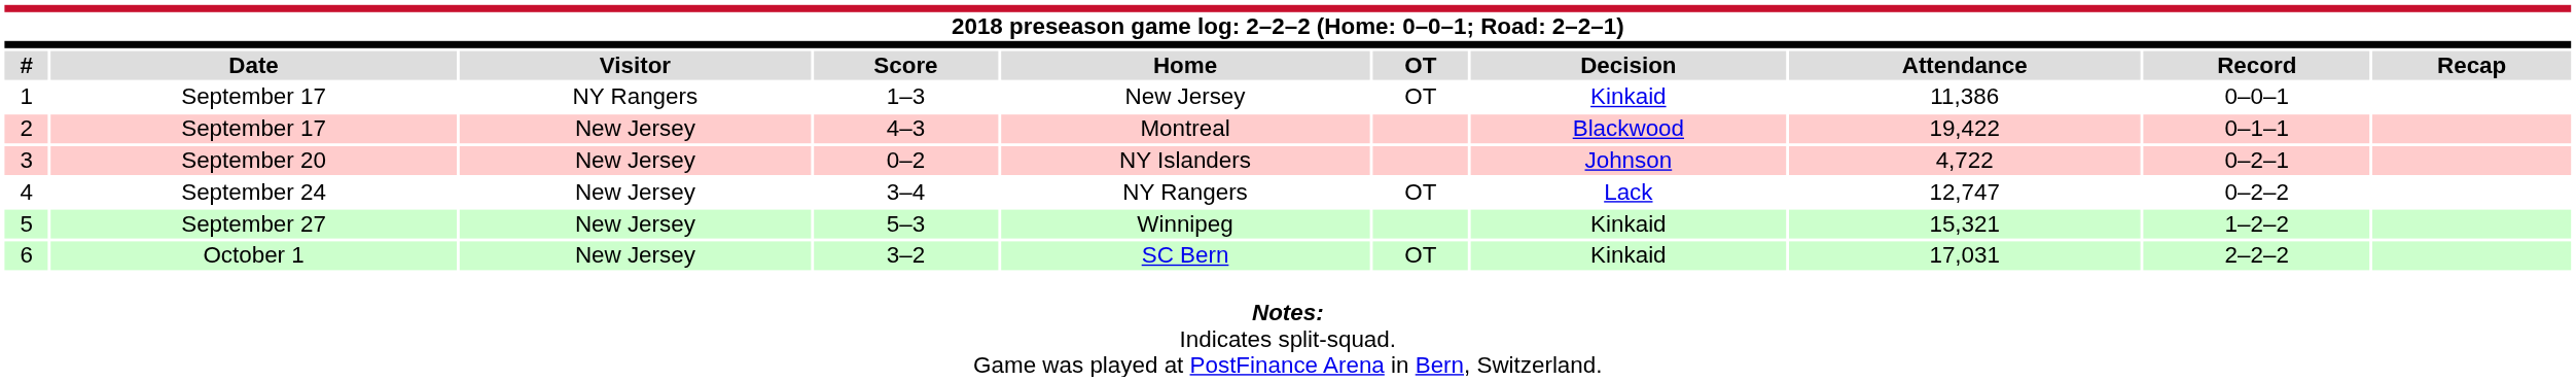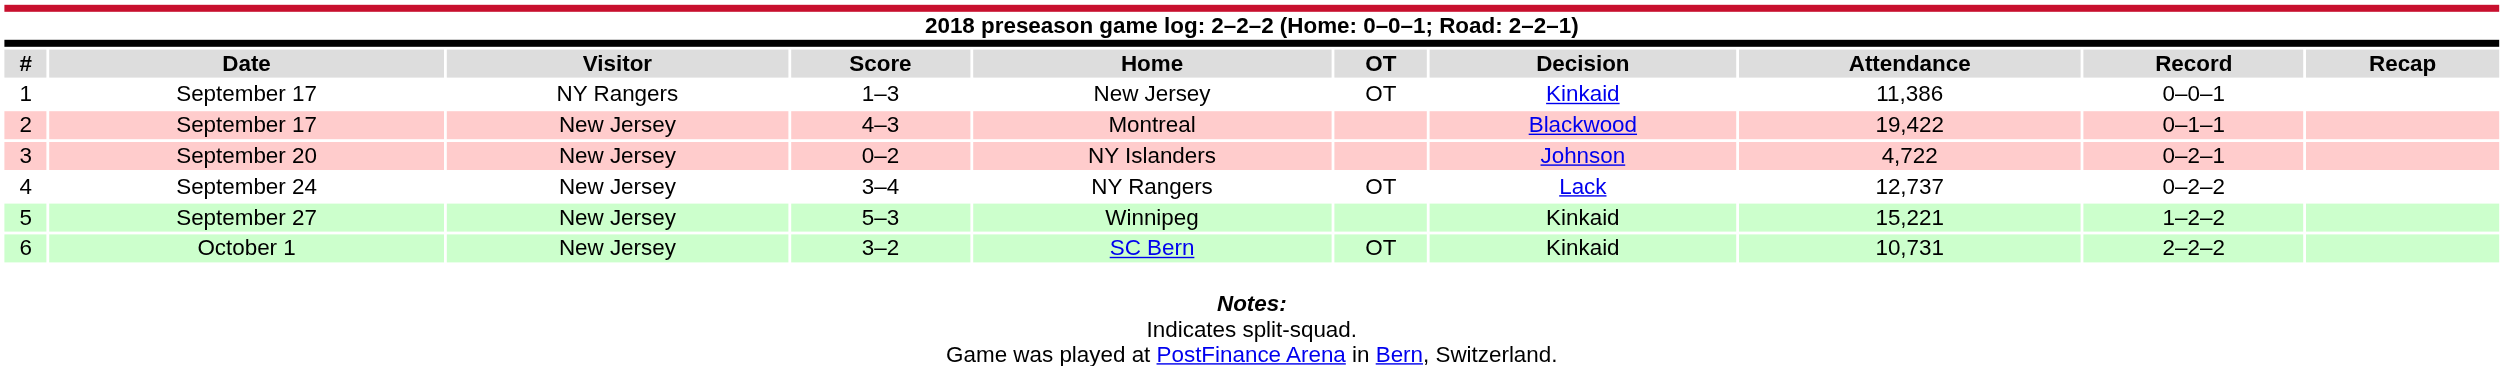 <table class="toccolours collapsible collapsed" style="width:90%; clear:both; margin:1.5em auto; text-align:center;">
 <tr>
 <th colspan="10" style="background:#FFFFFF; border-top:#C8102E 5px solid; border-bottom:#010101 5px solid;">2018 preseason game log: 2–2–2 (Home: 0–0–1; Road: 2–2–1)</th>
 </tr>
 <tr style="background:#ddd;">
 <th>#</th>
 <th>Date</th>
 <th>Visitor</th>
 <th>Score</th>
 <th>Home</th>
 <th>OT</th>
 <th>Decision</th>
 <th>Attendance</th>
 <th>Record</th>
 <th>Recap</th>
 </tr>
 <tr style="background:#fff;">
 <td>1</td>
 <td>September 17</td>
 <td>NY Rangers</td>
 <td>1–3</td>
 <td>New Jersey</td>
 <td>OT</td>
 <td><a href='#'>Kinkaid</a></td>
 <td>11,386</td>
 <td>0–0–1</td>
 <td></td>
 </tr>
 <tr style="background:#fcc;">
 <td>2</td>
 <td>September 17</td>
 <td>New Jersey</td>
 <td>4–3</td>
 <td>Montreal</td>
 <td></td>
 <td><a href='#'>Blackwood</a></td>
 <td>19,422</td>
 <td>0–1–1</td>
 <td></td>
 </tr>
 <tr style="background:#fcc;">
 <td>3</td>
 <td>September 20</td>
 <td>New Jersey</td>
 <td>0–2</td>
 <td>NY Islanders</td>
 <td></td>
 <td><a href='#'>Johnson</a></td>
 <td>4,722</td>
 <td>0–2–1</td>
 <td></td>
 </tr>
 <tr style="background:#fff;">
 <td>4</td>
 <td>September 24</td>
 <td>New Jersey</td>
 <td>3–4</td>
 <td>NY Rangers</td>
 <td>OT</td>
 <td><a href='#'>Lack</a></td>
-<td>12,747</td>
+<td>12,737</td>
 <td>0–2–2</td>
 <td></td>
 </tr>
 <tr style="background:#cfc;">
 <td>5</td>
 <td>September 27</td>
 <td>New Jersey</td>
 <td>5–3</td>
 <td>Winnipeg</td>
 <td></td>
 <td>Kinkaid</td>
-<td>15,321</td>
+<td>15,221</td>
 <td>1–2–2</td>
 <td></td>
 </tr>
 <tr style="background:#cfc;">
 <td>6</td>
 <td>October 1</td>
 <td>New Jersey</td>
 <td>3–2</td>
 <td><a href='#'>SC Bern</a></td>
 <td>OT</td>
 <td>Kinkaid</td>
-<td>17,031</td>
+<td>10,731</td>
 <td>2–2–2</td>
 <td></td>
 </tr>
 <tr>
 <td colspan="10" style="text-align:center;"><br><strong><em>Notes:</em></strong><br>  Indicates split-squad.<br>  Game was played at <a href='#'>PostFinance Arena</a> in <a href='#'>Bern</a>, Switzerland.</td>
 </tr>
 </table>
